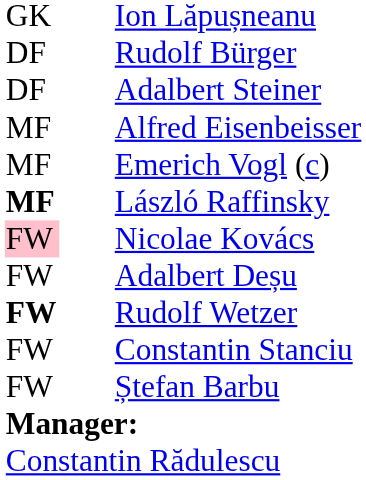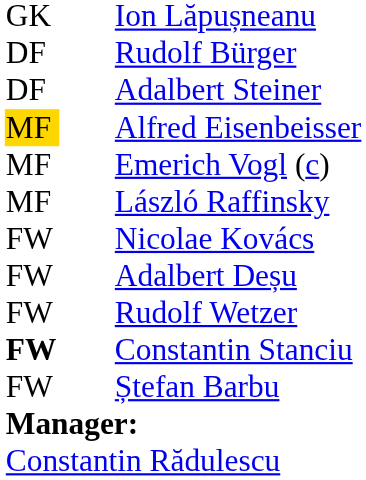 <table style="font-size:90%; margin:0.2em auto;" cellspacing="0" cellpadding="0">
 <tr>
 <th width="25"></th>
 <th width="25"></th>
 </tr>
 <tr>
 <td>GK</td>
 <td></td>
 <td><a href='#'>Ion Lăpușneanu</a></td>
 </tr>
 <tr>
 <td>DF</td>
 <td></td>
 <td><a href='#'>Rudolf Bürger</a></td>
 </tr>
 <tr>
 <td>DF</td>
 <td></td>
 <td><a href='#'>Adalbert Steiner</a></td>
 </tr>
 <tr>
-<td>MF</td>
+<td style="background: gold;">MF</td>
 <td></td>
 <td><a href='#'>Alfred Eisenbeisser</a></td>
 </tr>
 <tr>
 <td>MF</td>
 <td></td>
 <td><a href='#'>Emerich Vogl</a> (<a href='#'>c</a>)</td>
 </tr>
 <tr>
-<td><strong>MF</strong></td>
+<td>MF</td>
 <td></td>
 <td><a href='#'>László Raffinsky</a></td>
 </tr>
 <tr>
-<td style="background: pink;">FW</td>
+<td>FW</td>
 <td></td>
 <td><a href='#'>Nicolae Kovács</a></td>
 </tr>
 <tr>
 <td>FW</td>
 <td></td>
 <td><a href='#'>Adalbert Deșu</a></td>
 </tr>
 <tr>
-<td><strong>FW</strong></td>
+<td>FW</td>
 <td></td>
 <td><a href='#'>Rudolf Wetzer</a></td>
 </tr>
 <tr>
-<td>FW</td>
+<td><strong>FW</strong></td>
 <td></td>
 <td><a href='#'>Constantin Stanciu</a></td>
 </tr>
 <tr>
 <td>FW</td>
 <td></td>
 <td><a href='#'>Ștefan Barbu</a></td>
 </tr>
 <tr>
 <td colspan=3><strong>Manager:</strong></td>
 </tr>
 <tr>
 <td colspan=4><a href='#'>Constantin Rădulescu</a></td>
 </tr>
 </table>
